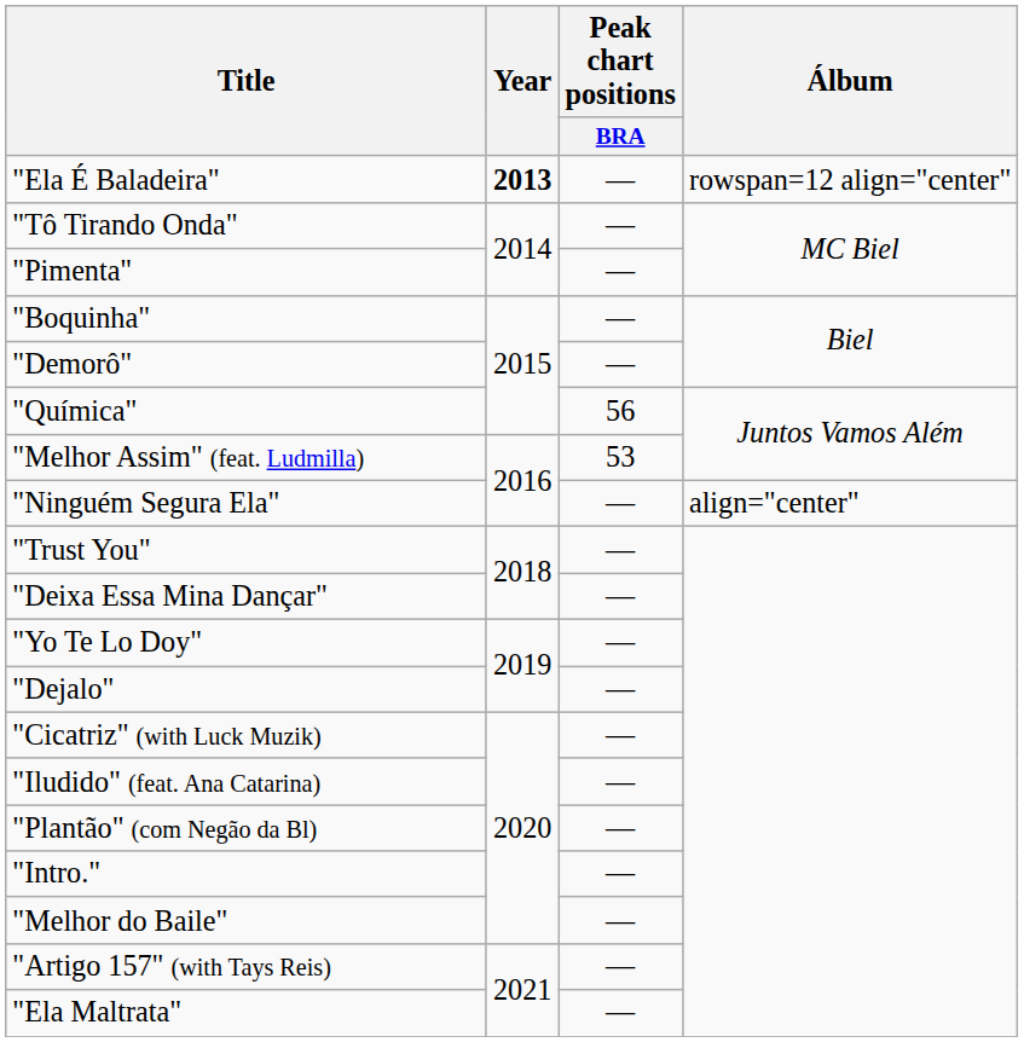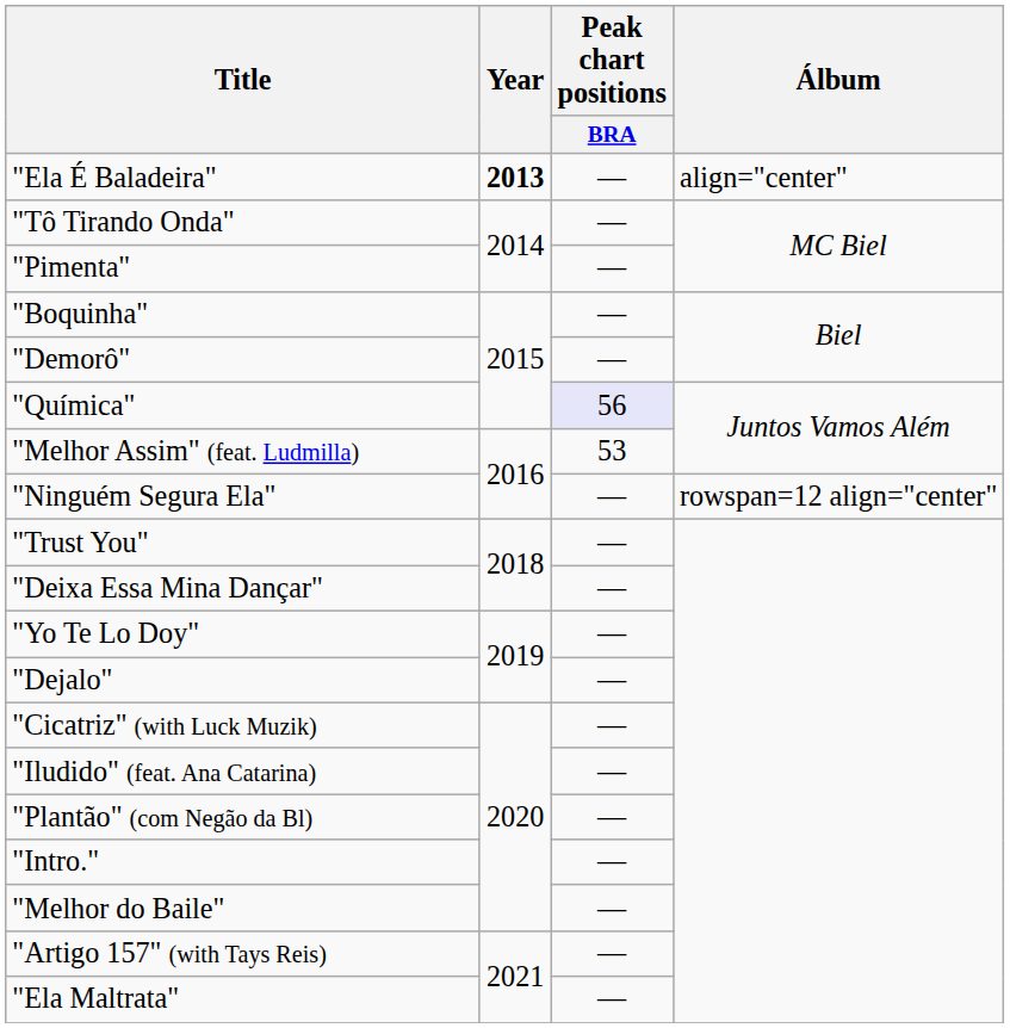 <table class="wikitable">
 <tr>
 <th rowspan="2"  style="width:16em;">Title</th>
 <th rowspan="2">Year</th>
 <th colspan="1"><strong>Peak chart positions</strong></th>
 <th rowspan="2">Álbum</th>
 </tr>
 <tr>
 <th scope="col" style="width:4em;font-size:80%;"><a href='#'>BRA</a><br></th>
 </tr>
 <tr>
 <td>"Ela É Baladeira"</td>
 <td><strong>2013</strong></td>
 <td align="center">—</td>
-<td>rowspan=12 align="center" </td>
+<td>align="center" </td>
 </tr>
 <tr>
 <td>"Tô Tirando Onda"</td>
 <td rowspan="2">2014</td>
 <td align="center">—</td>
 <td align="center" rowspan="2"><em>MC Biel</em></td>
 </tr>
 <tr>
 <td>"Pimenta"</td>
 <td align="center">—</td>
 </tr>
 <tr>
 <td>"Boquinha"</td>
 <td rowspan="3">2015</td>
 <td align="center">—</td>
 <td align="center" rowspan="2"><em>Biel</em></td>
 </tr>
 <tr>
 <td>"Demorô"</td>
 <td align="center">—</td>
 </tr>
 <tr>
 <td>"Química"</td>
-<td align="center">56</td>
+<td align="center" style="background: lavender;">56</td>
 <td align="center" rowspan="2"><em>Juntos Vamos Além</em></td>
 </tr>
 <tr>
 <td>"Melhor Assim" <small>(feat. <a href='#'>Ludmilla</a>)</small></td>
 <td rowspan="2">2016</td>
 <td align="center">53</td>
 </tr>
 <tr>
 <td>"Ninguém Segura Ela"</td>
 <td align="center">—</td>
-<td>align="center" </td>
+<td>rowspan=12 align="center" </td>
 </tr>
 <tr>
 <td>"Trust You"</td>
 <td rowspan="2">2018</td>
 <td align="center">—</td>
 </tr>
 <tr>
 <td>"Deixa Essa Mina Dançar"</td>
 <td align="center">—</td>
 </tr>
 <tr>
 <td>"Yo Te Lo Doy"</td>
 <td rowspan="2">2019</td>
 <td align="center">—</td>
 </tr>
 <tr>
 <td>"Dejalo"</td>
 <td align="center">—</td>
 </tr>
 <tr>
 <td>"Cicatriz" <small>(with Luck Muzik)</small></td>
 <td rowspan="5">2020</td>
 <td align="center">—</td>
 </tr>
 <tr>
 <td>"Iludido" <small>(feat. Ana Catarina)</small></td>
 <td align="center">—</td>
 </tr>
 <tr>
 <td>"Plantão" <small>(com Negão da Bl)</small></td>
 <td align="center">—</td>
 </tr>
 <tr>
 <td>"Intro."</td>
 <td align="center">—</td>
 </tr>
 <tr>
 <td>"Melhor do Baile"</td>
 <td align="center">—</td>
 </tr>
 <tr>
 <td>"Artigo 157" <small>(with Tays Reis)</small></td>
 <td rowspan="2">2021</td>
 <td align="center">—</td>
 </tr>
 <tr>
 <td>"Ela Maltrata"</td>
 <td align="center">—</td>
 </tr>
 </table>
